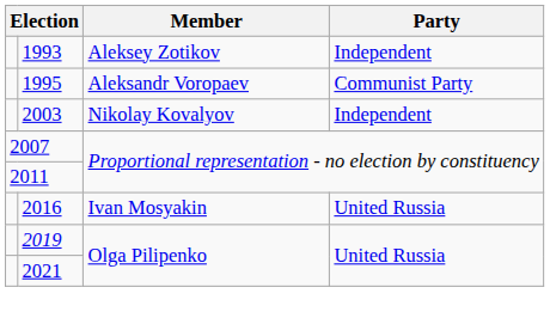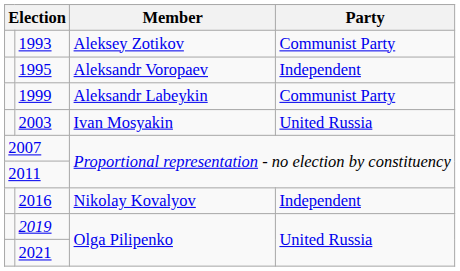 <table class="wikitable">
 <tr>
 <th colspan="2">Election</th>
 <th>Member</th>
 <th>Party</th>
 </tr>
 <tr>
 <td style="background-color:"></td>
 <td><a href='#'>1993</a></td>
 <td><a href='#'>Aleksey Zotikov</a></td>
-<td><a href='#'>Independent</a></td>
+<td><a href='#'>Communist Party</a></td>
 </tr>
 <tr>
 <td style="background-color:"></td>
 <td><a href='#'>1995</a></td>
 <td><a href='#'>Aleksandr Voropaev</a></td>
+<td><a href='#'>Independent</a></td>
+</tr>
+<tr>
+<td style="background-color:"></td>
+<td><a href='#'>1999</a></td>
+<td><a href='#'>Aleksandr Labeykin</a></td>
 <td><a href='#'>Communist Party</a></td>
 </tr>
 <tr>
 <td style="background-color:"></td>
 <td><a href='#'>2003</a></td>
-<td><a href='#'>Nikolay Kovalyov</a></td>
-<td><a href='#'>Independent</a></td>
+<td><a href='#'>Ivan Mosyakin</a></td>
+<td><a href='#'>United Russia</a></td>
 </tr>
 <tr>
 <td colspan=2><a href='#'>2007</a></td>
 <td colspan=2 rowspan=2><em><a href='#'>Proportional representation</a> - no election by constituency</em></td>
 </tr>
 <tr>
 <td colspan=2><a href='#'>2011</a></td>
 </tr>
 <tr>
 <td style="background-color: "></td>
 <td><a href='#'>2016</a></td>
-<td><a href='#'>Ivan Mosyakin</a></td>
-<td><a href='#'>United Russia</a></td>
+<td><a href='#'>Nikolay Kovalyov</a></td>
+<td><a href='#'>Independent</a></td>
 </tr>
 <tr>
 <td style="background-color: "></td>
 <td><em><a href='#'>2019</a></em></td>
 <td rowspan=2><a href='#'>Olga Pilipenko</a></td>
 <td rowspan=2><a href='#'>United Russia</a></td>
 </tr>
 <tr>
 <td style="background-color: "></td>
 <td><a href='#'>2021</a></td>
 </tr>
 </table>
